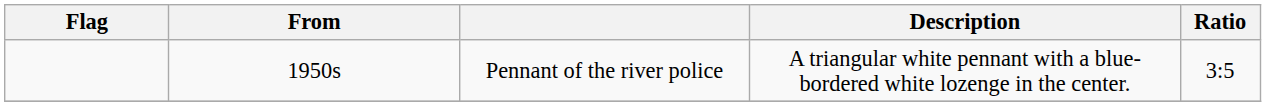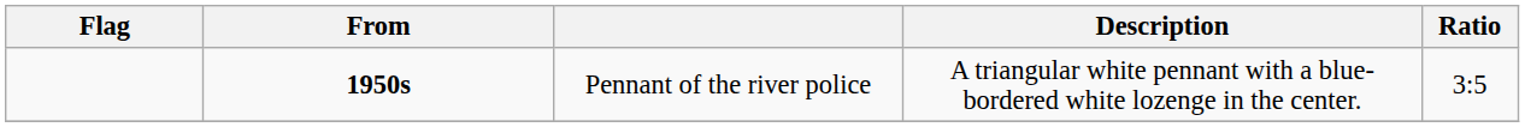 <table class="wikitable" style="text-align:center;">
 <tr>
 <th width="110">Flag</th>
 <th width="200">From</th>
 <th width="200"></th>
 <th width="300">Description</th>
 <th width="50">Ratio</th>
 </tr>
 <tr>
 <td></td>
-<td>1950s</td>
+<td><strong>1950s</strong></td>
 <td>Pennant of the river police</td>
 <td>A triangular white pennant with a blue-bordered white lozenge in the center.</td>
 <td>3:5</td>
 </tr>
 <tr>
 </tr>
 </table>
